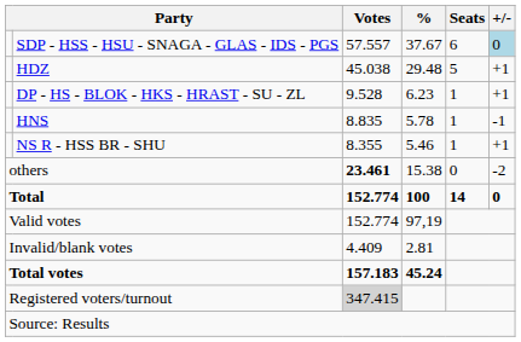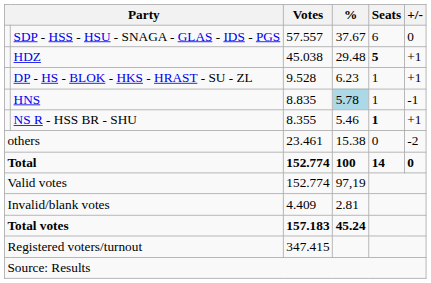 <table class="wikitable" style="text-align: left;">
 <tr>
 <th colspan="2">Party</th>
 <th>Votes</th>
 <th>%</th>
 <th>Seats</th>
 <th>+/-</th>
 </tr>
 <tr>
 <td style="background-color: "></td>
 <td><a href='#'>SDP</a> - <a href='#'>HSS</a> - <a href='#'>HSU</a> - SNAGA - <a href='#'>GLAS</a> - <a href='#'>IDS</a> - <a href='#'>PGS</a></td>
 <td>57.557</td>
 <td>37.67</td>
 <td>6</td>
-<td style="background: lightblue;">0</td>
+<td>0</td>
 </tr>
 <tr>
 <td style="background-color: "></td>
 <td><a href='#'>HDZ</a></td>
 <td>45.038</td>
 <td>29.48</td>
-<td>5</td>
+<td><strong>5</strong></td>
 <td>+1</td>
 </tr>
 <tr>
 <td style="background-color: "></td>
 <td><a href='#'>DP</a> - <a href='#'>HS</a> - <a href='#'>BLOK</a> - <a href='#'>HKS</a> - <a href='#'>HRAST</a> - SU - ZL</td>
 <td>9.528</td>
 <td>6.23</td>
 <td>1</td>
 <td>+1</td>
 </tr>
 <tr>
 <td style="background-color: "></td>
 <td><a href='#'>HNS</a></td>
 <td>8.835</td>
-<td>5.78</td>
+<td style="background: lightblue;">5.78</td>
 <td>1</td>
 <td>-1</td>
 </tr>
 <tr>
 <td style="background-color: "></td>
 <td><a href='#'>NS R</a> - HSS BR - SHU</td>
 <td>8.355</td>
 <td>5.46</td>
-<td>1</td>
+<td><strong>1</strong></td>
 <td>+1</td>
 </tr>
 <tr>
 <td colspan="2">others</td>
-<td><strong>23.461</strong></td>
+<td>23.461</td>
 <td>15.38</td>
 <td>0</td>
 <td>-2</td>
 </tr>
 <tr>
 <td colspan="2"><strong>Total</strong></td>
 <td><strong>152.774</strong></td>
 <td><strong>100</strong></td>
 <td><strong>14</strong></td>
 <td><strong>0</strong></td>
 </tr>
 <tr>
 <td colspan="2">Valid votes</td>
 <td>152.774</td>
 <td>97,19</td>
 <td colspan="2"></td>
 </tr>
 <tr>
 <td colspan="2">Invalid/blank votes</td>
 <td>4.409</td>
 <td>2.81</td>
 <td colspan="2"></td>
 </tr>
 <tr>
 <td colspan="2"><strong>Total votes</strong></td>
 <td><strong>157.183</strong></td>
 <td><strong>45.24</strong></td>
 <td colspan="2"></td>
 </tr>
 <tr>
 <td colspan="2">Registered voters/turnout</td>
-<td votes14="5343" style="background: lightgrey;">347.415</td>
+<td votes14="5343">347.415</td>
 <td></td>
 <td colspan="2"></td>
 </tr>
 <tr>
 <td colspan="6">Source: Results</td>
 </tr>
 </table>
